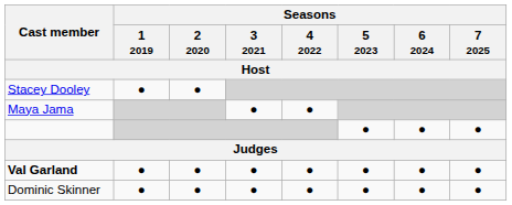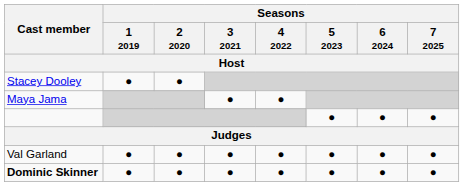 <table class="wikitable plainrowheaders" style="width:50%;">
 <tr>
 <th rowspan="2" style="width:10%;">Cast member</th>
 <th colspan="7">Seasons</th>
 </tr>
 <tr>
 <th style="width:5%;">1 <br><small>2019</small></th>
 <th style="width:5%;">2 <br><small>2020</small></th>
 <th style="width:5%;">3 <br><small>2021</small></th>
 <th style="width:5%;">4 <br><small>2022</small></th>
 <th style="width:5%;">5 <br><small>2023</small></th>
 <th style="width:5%;">6 <br><small>2024</small></th>
 <th style="width:5%;">7 <br><small>2025</small></th>
 </tr>
 <tr>
 <th colspan="8">Host</th>
 </tr>
 <tr>
 <td><a href='#'>Stacey Dooley</a></td>
 <td style="text-align: center;">●</td>
 <td style="text-align: center;">●</td>
 <td colspan="5" bgcolor="lightgrey"></td>
 </tr>
 <tr>
 <td><a href='#'>Maya Jama</a></td>
 <td colspan="2" bgcolor="lightgrey"></td>
 <td style="text-align: center;">●</td>
 <td style="text-align: center;">●</td>
 <td colspan="4" bgcolor="lightgrey"></td>
 </tr>
 <tr>
 <td></td>
 <td colspan="4" bgcolor="lightgrey"></td>
 <td style="text-align: center;">●</td>
 <td style="text-align: center;">●</td>
 <td style="text-align: center;">●</td>
 </tr>
 <tr>
 <th colspan="8">Judges</th>
 </tr>
 <tr>
-<td><strong>Val Garland</strong></td>
+<td>Val Garland</td>
 <td style="text-align: center;">●</td>
 <td style="text-align: center;">●</td>
 <td style="text-align: center;">●</td>
 <td style="text-align: center;">●</td>
 <td style="text-align: center;">●</td>
 <td style="text-align: center;">●</td>
 <td style="text-align: center;">●</td>
 </tr>
 <tr>
-<td>Dominic Skinner</td>
+<td><strong>Dominic Skinner</strong></td>
 <td style="text-align: center;">●</td>
 <td style="text-align: center;">●</td>
 <td style="text-align: center;">●</td>
 <td style="text-align: center;">●</td>
 <td style="text-align: center;">●</td>
 <td style="text-align: center;">●</td>
 <td style="text-align: center;">●</td>
 </tr>
 </table>
